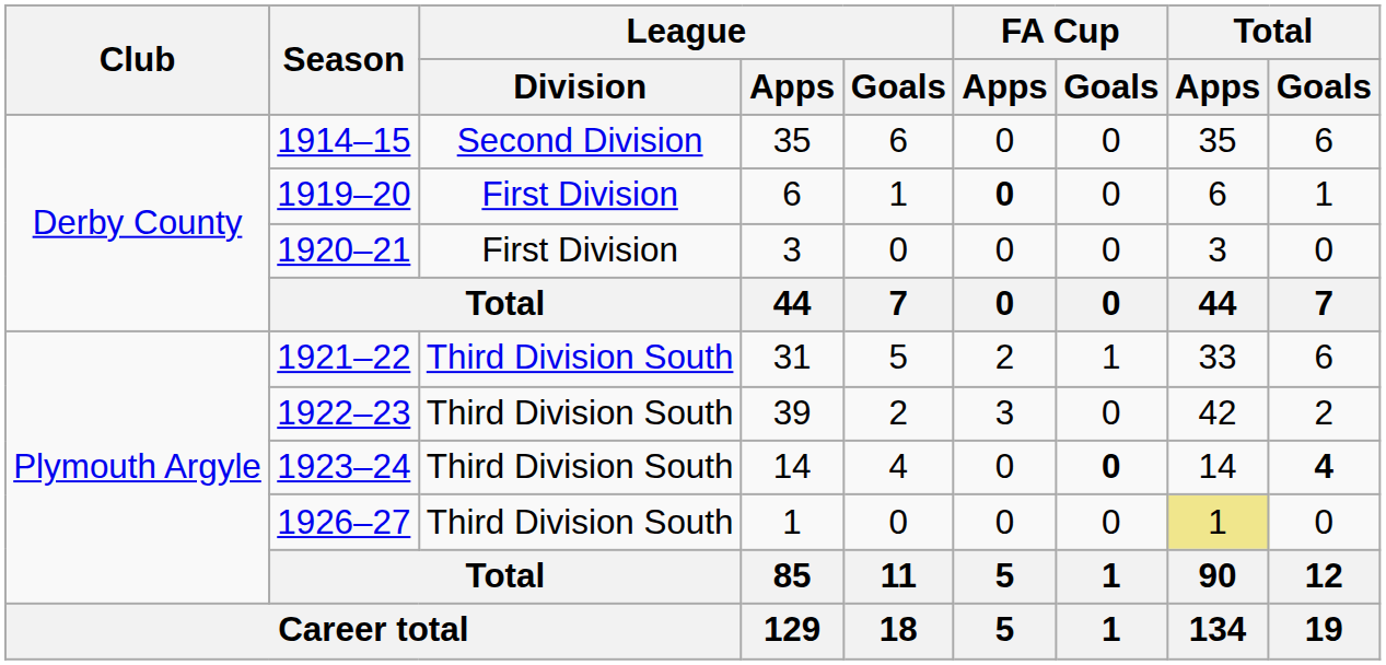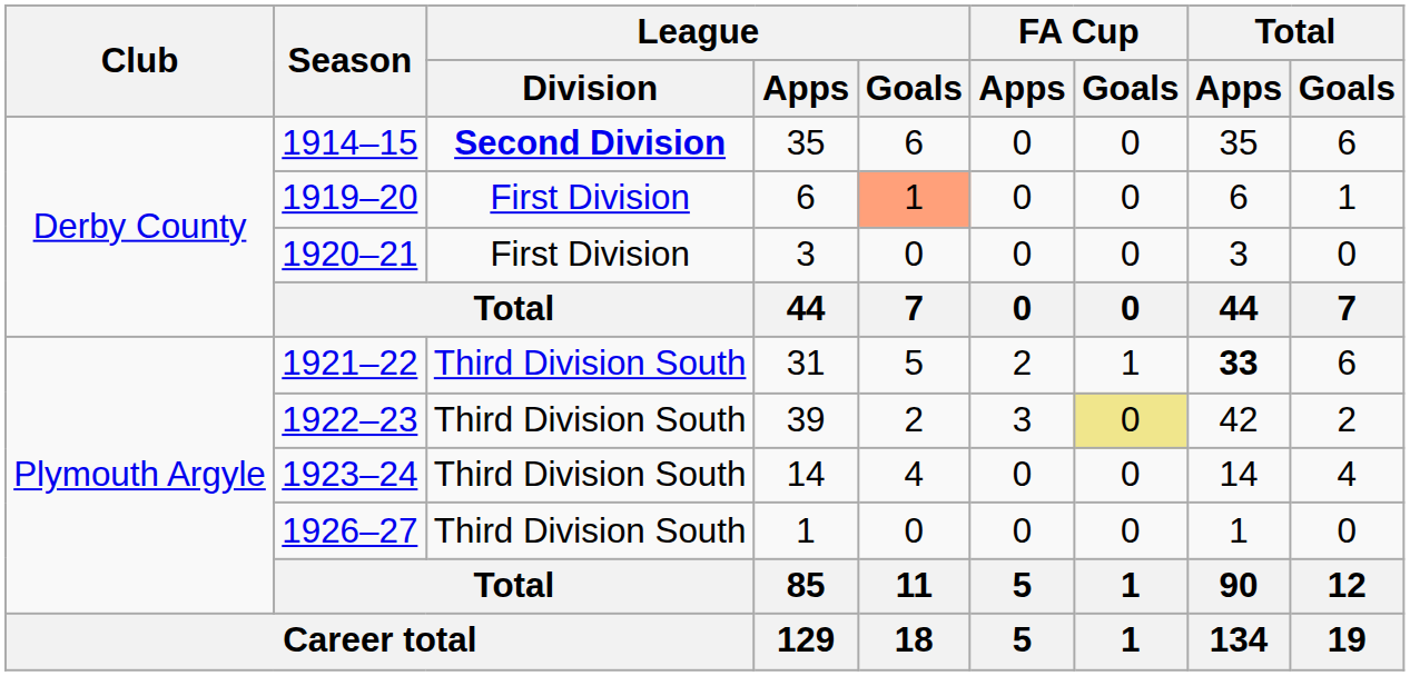 <table class="wikitable" style="text-align: center">
 <tr>
 <th rowspan="2">Club</th>
 <th rowspan="2">Season</th>
 <th colspan="3">League</th>
 <th colspan="2">FA Cup</th>
 <th colspan="2">Total</th>
 </tr>
 <tr>
 <th>Division</th>
 <th>Apps</th>
 <th>Goals</th>
 <th>Apps</th>
 <th>Goals</th>
 <th>Apps</th>
 <th>Goals</th>
 </tr>
 <tr>
 <td rowspan="4"><a href='#'>Derby County</a></td>
 <td><a href='#'>1914–15</a></td>
-<td><a href='#'>Second Division</a></td>
+<td><strong><a href='#'>Second Division</a></strong></td>
 <td>35</td>
 <td>6</td>
 <td>0</td>
 <td>0</td>
 <td>35</td>
 <td>6</td>
 </tr>
 <tr>
 <td><a href='#'>1919–20</a></td>
 <td><a href='#'>First Division</a></td>
 <td>6</td>
-<td>1</td>
-<td><strong>0</strong></td>
+<td style="background: lightsalmon;">1</td>
+<td>0</td>
 <td>0</td>
 <td>6</td>
 <td>1</td>
 </tr>
 <tr>
 <td><a href='#'>1920–21</a></td>
 <td>First Division</td>
 <td>3</td>
 <td>0</td>
 <td>0</td>
 <td>0</td>
 <td>3</td>
 <td>0</td>
 </tr>
 <tr>
 <th colspan="2">Total</th>
 <th>44</th>
 <th>7</th>
 <th>0</th>
 <th>0</th>
 <th>44</th>
 <th>7</th>
 </tr>
 <tr>
 <td rowspan="5"><a href='#'>Plymouth Argyle</a></td>
 <td><a href='#'>1921–22</a></td>
 <td><a href='#'>Third Division South</a></td>
 <td>31</td>
 <td>5</td>
 <td>2</td>
 <td>1</td>
-<td>33</td>
+<td><strong>33</strong></td>
 <td>6</td>
 </tr>
 <tr>
 <td><a href='#'>1922–23</a></td>
 <td>Third Division South</td>
 <td>39</td>
 <td>2</td>
 <td>3</td>
-<td>0</td>
+<td style="background: khaki;">0</td>
 <td>42</td>
 <td>2</td>
 </tr>
 <tr>
 <td><a href='#'>1923–24</a></td>
 <td>Third Division South</td>
 <td>14</td>
 <td>4</td>
 <td>0</td>
-<td><strong>0</strong></td>
+<td>0</td>
 <td>14</td>
-<td><strong>4</strong></td>
+<td>4</td>
 </tr>
 <tr>
 <td><a href='#'>1926–27</a></td>
 <td>Third Division South</td>
 <td>1</td>
 <td>0</td>
 <td>0</td>
 <td>0</td>
-<td style="background: khaki;">1</td>
+<td>1</td>
 <td>0</td>
 </tr>
 <tr>
 <th colspan="2">Total</th>
 <th>85</th>
 <th>11</th>
 <th>5</th>
 <th>1</th>
 <th>90</th>
 <th>12</th>
 </tr>
 <tr>
 <th colspan="3">Career total</th>
 <th>129</th>
 <th>18</th>
 <th>5</th>
 <th>1</th>
 <th>134</th>
 <th>19</th>
 </tr>
 </table>
